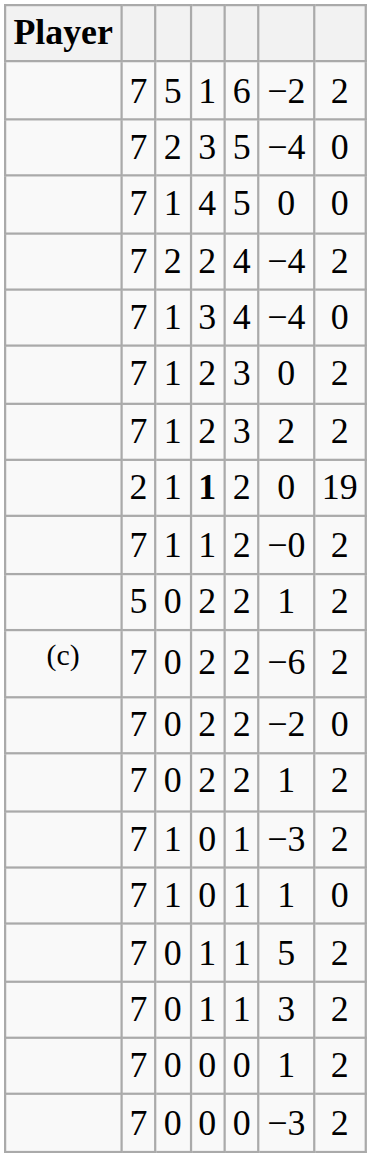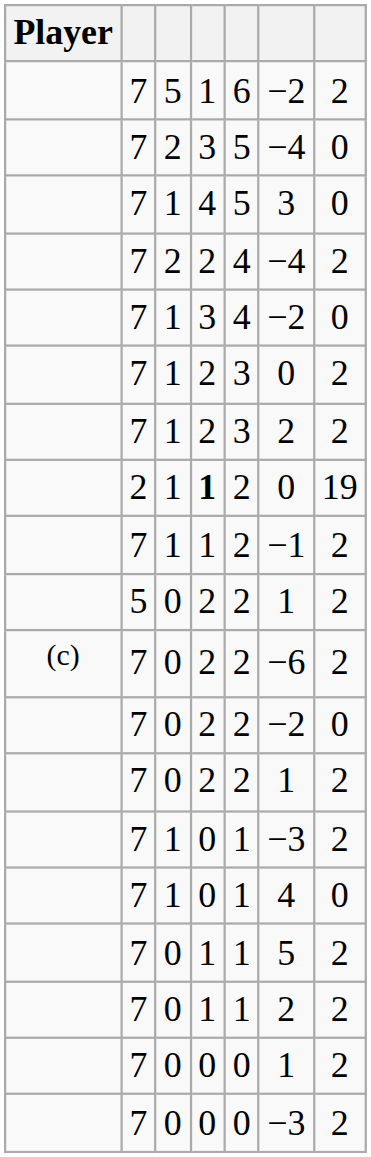 <table class="wikitable sortable" style="text-align:center;">
 <tr>
 <th>Player</th>
 <th></th>
 <th></th>
 <th></th>
 <th></th>
 <th data-sort-type="number"></th>
 <th></th>
 </tr>
 <tr>
 <td></td>
 <td>7</td>
 <td>5</td>
 <td>1</td>
 <td>6</td>
 <td>−2</td>
 <td>2</td>
 </tr>
 <tr>
 <td></td>
 <td>7</td>
 <td>2</td>
 <td>3</td>
 <td>5</td>
 <td>−4</td>
 <td>0</td>
 </tr>
 <tr>
 <td></td>
 <td>7</td>
 <td>1</td>
 <td>4</td>
 <td>5</td>
-<td>0</td>
+<td>3</td>
 <td>0</td>
 </tr>
 <tr>
 <td></td>
 <td>7</td>
 <td>2</td>
 <td>2</td>
 <td>4</td>
 <td>−4</td>
 <td>2</td>
 </tr>
 <tr>
 <td></td>
 <td>7</td>
 <td>1</td>
 <td>3</td>
 <td>4</td>
-<td>−4</td>
+<td>−2</td>
 <td>0</td>
 </tr>
 <tr>
 <td></td>
 <td>7</td>
 <td>1</td>
 <td>2</td>
 <td>3</td>
 <td>0</td>
 <td>2</td>
 </tr>
 <tr>
 <td></td>
 <td>7</td>
 <td>1</td>
 <td>2</td>
 <td>3</td>
 <td>2</td>
 <td>2</td>
 </tr>
 <tr>
 <td></td>
 <td>2</td>
 <td>1</td>
 <td><strong>1</strong></td>
 <td>2</td>
 <td>0</td>
 <td>19</td>
 </tr>
 <tr>
 <td></td>
 <td>7</td>
 <td>1</td>
 <td>1</td>
 <td>2</td>
-<td>−0</td>
+<td>−1</td>
 <td>2</td>
 </tr>
 <tr>
 <td></td>
 <td>5</td>
 <td>0</td>
 <td>2</td>
 <td>2</td>
 <td>1</td>
 <td>2</td>
 </tr>
 <tr>
 <td><sup>(c)</sup></td>
 <td>7</td>
 <td>0</td>
 <td>2</td>
 <td>2</td>
 <td>−6</td>
 <td>2</td>
 </tr>
 <tr>
 <td></td>
 <td>7</td>
 <td>0</td>
 <td>2</td>
 <td>2</td>
 <td>−2</td>
 <td>0</td>
 </tr>
 <tr>
 <td></td>
 <td>7</td>
 <td>0</td>
 <td>2</td>
 <td>2</td>
 <td>1</td>
 <td>2</td>
 </tr>
 <tr>
 <td></td>
 <td>7</td>
 <td>1</td>
 <td>0</td>
 <td>1</td>
 <td>−3</td>
 <td>2</td>
 </tr>
 <tr>
 <td></td>
 <td>7</td>
 <td>1</td>
 <td>0</td>
 <td>1</td>
-<td>1</td>
+<td>4</td>
 <td>0</td>
 </tr>
 <tr>
 <td></td>
 <td>7</td>
 <td>0</td>
 <td>1</td>
 <td>1</td>
 <td>5</td>
 <td>2</td>
 </tr>
 <tr>
 <td></td>
 <td>7</td>
 <td>0</td>
 <td>1</td>
 <td>1</td>
-<td>3</td>
+<td>2</td>
 <td>2</td>
 </tr>
 <tr>
 <td></td>
 <td>7</td>
 <td>0</td>
 <td>0</td>
 <td>0</td>
 <td>1</td>
 <td>2</td>
 </tr>
 <tr>
 <td></td>
 <td>7</td>
 <td>0</td>
 <td>0</td>
 <td>0</td>
 <td>−3</td>
 <td>2</td>
 </tr>
 </table>
